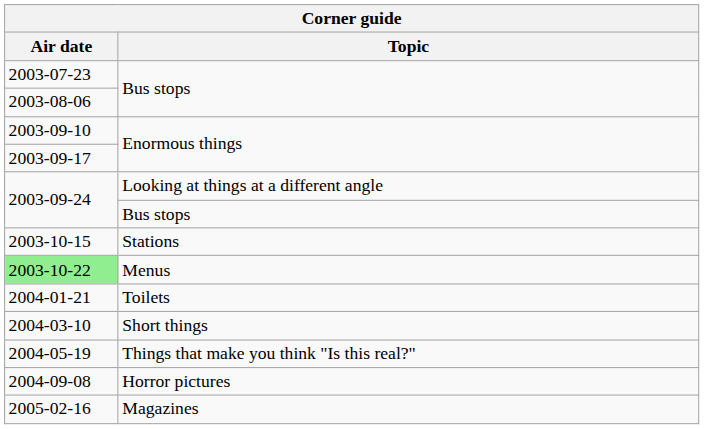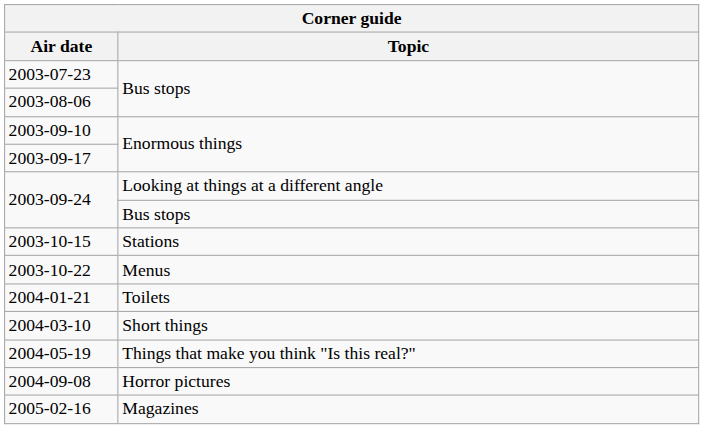 <table class="wikitable collapsible collapsed" style="clear:none; padding:0 auto; width:50%; margin:auto align:left;">
 <tr>
 <th colspan=4>Corner guide</th>
 </tr>
 <tr>
 <th style="width:6em;">Air date</th>
 <th>Topic</th>
 </tr>
 <tr>
 <td>2003-07-23</td>
 <td rowspan="2">Bus stops</td>
 </tr>
 <tr>
 <td>2003-08-06</td>
 </tr>
 <tr>
 <td>2003-09-10</td>
 <td rowspan="2">Enormous things</td>
 </tr>
 <tr>
 <td>2003-09-17</td>
 </tr>
 <tr>
 <td rowspan="2">2003-09-24</td>
 <td>Looking at things at a different angle</td>
 </tr>
 <tr>
 <td>Bus stops</td>
 </tr>
 <tr>
 <td>2003-10-15</td>
 <td>Stations</td>
 </tr>
 <tr>
-<td style="background: lightgreen;">2003-10-22</td>
+<td>2003-10-22</td>
 <td>Menus</td>
 </tr>
 <tr>
 <td>2004-01-21</td>
 <td>Toilets</td>
 </tr>
 <tr>
 <td>2004-03-10</td>
 <td>Short things</td>
 </tr>
 <tr>
 <td>2004-05-19</td>
 <td>Things that make you think "Is this real?"</td>
 </tr>
 <tr>
 <td>2004-09-08</td>
 <td>Horror pictures</td>
 </tr>
 <tr>
 <td>2005-02-16</td>
 <td>Magazines</td>
 </tr>
 </table>
